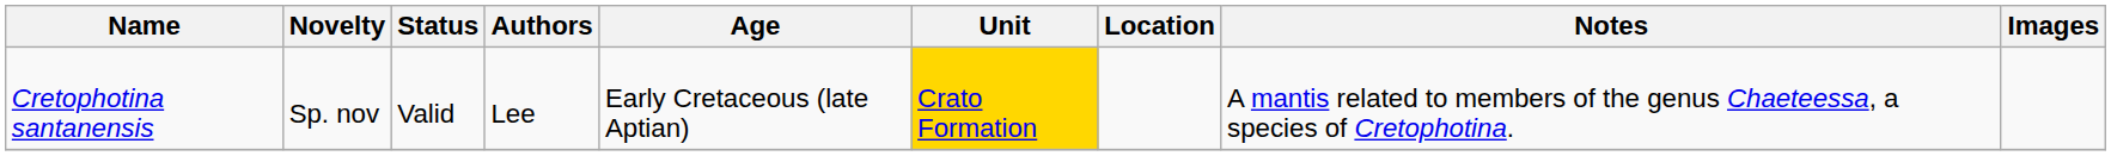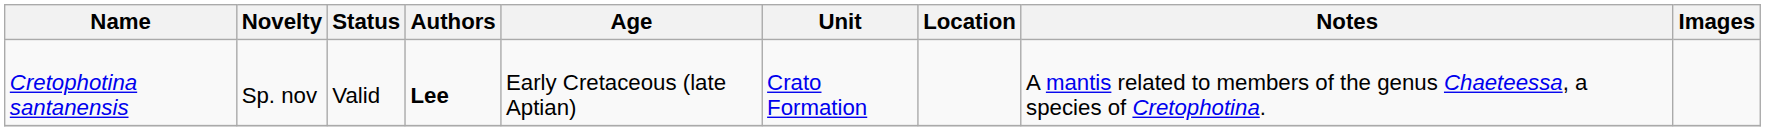 <table class="wikitable sortable" align="center" width="100%">
 <tr>
 <th>Name</th>
 <th>Novelty</th>
 <th>Status</th>
 <th>Authors</th>
 <th>Age</th>
 <th>Unit</th>
 <th>Location</th>
 <th>Notes</th>
 <th>Images</th>
 </tr>
 <tr>
 <td><br><em><a href='#'>Cretophotina santanensis</a></em></td>
 <td><br>Sp. nov</td>
 <td><br>Valid</td>
-<td><br>Lee</td>
+<td><strong><br>Lee</strong></td>
 <td><br>Early Cretaceous (late Aptian)</td>
-<td style="background: gold;"><br><a href='#'>Crato Formation</a></td>
+<td><br><a href='#'>Crato Formation</a></td>
 <td><br></td>
 <td><br>A <a href='#'>mantis</a> related to members of the genus <em><a href='#'>Chaeteessa</a></em>, a species of <em><a href='#'>Cretophotina</a></em>.</td>
 <td></td>
 </tr>
 <tr>
 </tr>
 </table>
